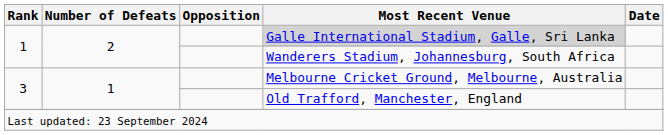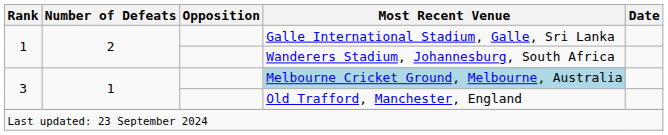 <table class="wikitable plainrowheaders sortable">
 <tr>
 <th scope=col>Rank</th>
 <th scope=col>Number of Defeats</th>
 <th scope=col>Opposition</th>
 <th scope=col>Most Recent Venue</th>
 <th scope=col>Date</th>
 </tr>
 <tr>
 <td style="text-align:center" rowspan=2>1</td>
 <td style="text-align:center" rowspan=2>2</td>
 <td></td>
-<td style="background: lightgrey;"><a href='#'>Galle International Stadium</a>, <a href='#'>Galle</a>, Sri Lanka</td>
+<td><a href='#'>Galle International Stadium</a>, <a href='#'>Galle</a>, Sri Lanka</td>
 <td></td>
 </tr>
 <tr>
 <td></td>
 <td><a href='#'>Wanderers Stadium</a>, <a href='#'>Johannesburg</a>, South Africa</td>
 <td></td>
 </tr>
 <tr>
 <td style="text-align:center" rowspan=2>3</td>
 <td style="text-align:center" rowspan=2>1</td>
 <td></td>
-<td><a href='#'>Melbourne Cricket Ground</a>, <a href='#'>Melbourne</a>, Australia</td>
+<td style="background: lightblue;"><a href='#'>Melbourne Cricket Ground</a>, <a href='#'>Melbourne</a>, Australia</td>
 <td></td>
 </tr>
 <tr>
 <td></td>
 <td><a href='#'>Old Trafford</a>, <a href='#'>Manchester</a>, England</td>
 <td></td>
 </tr>
 <tr>
 </tr>
 <tr class=sortbottom>
 <td colspan=5><small>Last updated: 23 September 2024</small></td>
 </tr>
 </table>
